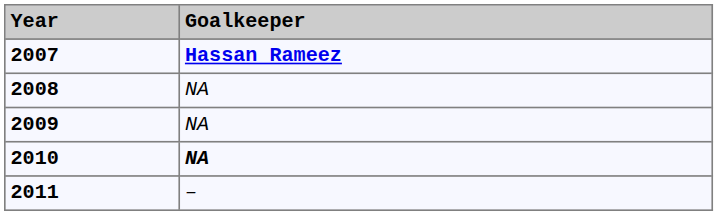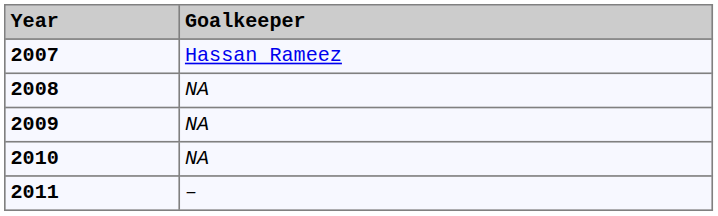 <table bgcolor="#f7f8ff" cellpadding="3" cellspacing="0" border="1" style="font-size: 95%; border: gray solid 1px; border-collapse: collapse;">
 <tr bgcolor="#CCCCCC">
 <td width="100"><strong>Year</strong></td>
 <td width="320"><strong>Goalkeeper</strong></td>
 </tr>
 <tr>
 <td><strong>2007</strong></td>
-<td><strong> <a href='#'>Hassan Rameez</a></strong></td>
+<td> <a href='#'>Hassan Rameez</a></td>
 </tr>
 <tr>
 <td><strong>2008</strong></td>
 <td><em>NA</em></td>
 </tr>
 <tr>
 <td><strong>2009</strong></td>
 <td><em>NA</em></td>
 </tr>
 <tr>
 <td><strong>2010</strong></td>
-<td><strong><em>NA</em></strong></td>
+<td><em>NA</em></td>
 </tr>
 <tr>
 <td><strong>2011</strong></td>
 <td><em>–</em></td>
 </tr>
 </table>
